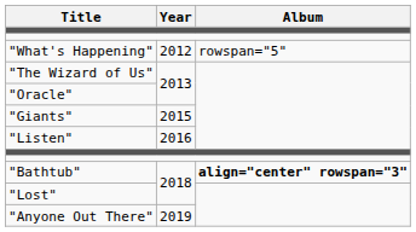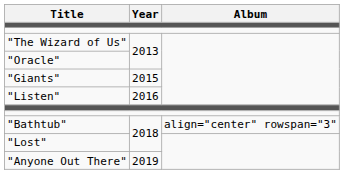 <table class="wikitable">
 <tr>
 <th align="center">Title</th>
 <th align="center">Year</th>
 <th align="center">Album</th>
 </tr>
 <tr>
 <td colspan="3" style="background:#555;"></td>
 </tr>
 <tr>
 <td colspan="3"></td>
-</tr>
-<tr>
-<td>"What's Happening"</td>
-<td align="center">2012</td>
-<td>rowspan="5" </td>
 </tr>
 <tr>
 <td>"The Wizard of Us"</td>
 <td align="center" rowspan=2>2013</td>
 </tr>
 <tr>
 <td>"Oracle"</td>
 </tr>
 <tr>
 <td>"Giants"</td>
 <td align="center">2015</td>
 </tr>
 <tr>
 <td>"Listen"</td>
 <td align="center">2016</td>
 </tr>
 <tr>
 <td colspan="3" style="background:#555;"></td>
 </tr>
 <tr>
 <td colspan="3"></td>
 </tr>
 <tr>
 <td>"Bathtub"</td>
 <td rowspan="2" align="center">2018</td>
-<td><strong>align="center" rowspan="3" </strong></td>
+<td>align="center" rowspan="3" </td>
 </tr>
 <tr>
 <td>"Lost"</td>
 </tr>
 <tr>
 <td>"Anyone Out There"</td>
 <td align="center">2019</td>
 </tr>
 </table>
